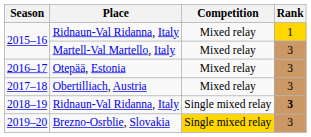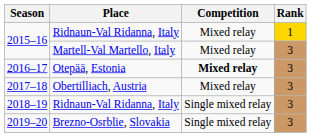 <table class="wikitable sortable" style="text-align: center;">
 <tr>
 <th>Season</th>
 <th>Place</th>
 <th>Competition</th>
 <th>Rank</th>
 </tr>
 <tr>
 <td rowspan="2"><a href='#'>2015–16</a></td>
 <td style="text-align: left;"> <a href='#'>Ridnaun-Val Ridanna</a>, <a href='#'>Italy</a></td>
 <td>Mixed relay</td>
 <td bgcolor=gold>1</td>
 </tr>
 <tr>
 <td style="text-align: left;"> <a href='#'>Martell-Val Martello</a>, <a href='#'>Italy</a></td>
 <td>Mixed relay</td>
 <td bgcolor="cc9966">3</td>
 </tr>
 <tr>
 <td><a href='#'>2016–17</a></td>
 <td style="text-align: left;"> <a href='#'>Otepää</a>, <a href='#'>Estonia</a></td>
-<td>Mixed relay</td>
+<td><strong>Mixed relay</strong></td>
 <td bgcolor="cc9966">3</td>
 </tr>
 <tr>
 <td><a href='#'>2017–18</a></td>
 <td style="text-align: left;"> <a href='#'>Obertilliach</a>, <a href='#'>Austria</a></td>
 <td>Mixed relay</td>
 <td bgcolor="cc9966">3</td>
 </tr>
 <tr>
 <td><a href='#'>2018–19</a></td>
 <td style="text-align: left;"> <a href='#'>Ridnaun-Val Ridanna</a>, <a href='#'>Italy</a></td>
 <td>Single mixed relay</td>
-<td bgcolor="cc9966"><strong>3</strong></td>
+<td bgcolor="cc9966">3</td>
 </tr>
 <tr>
 <td><a href='#'>2019–20</a></td>
 <td style="text-align: left;"> <a href='#'>Brezno-Osrblie</a>, <a href='#'>Slovakia</a></td>
-<td style="background: gold;">Single mixed relay</td>
+<td>Single mixed relay</td>
 <td bgcolor="cc9966">3</td>
 </tr>
 </table>
